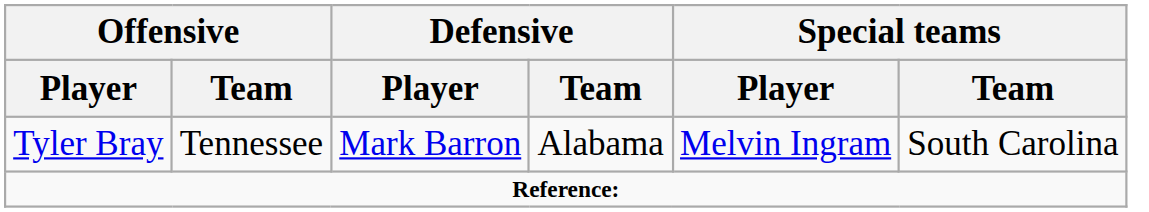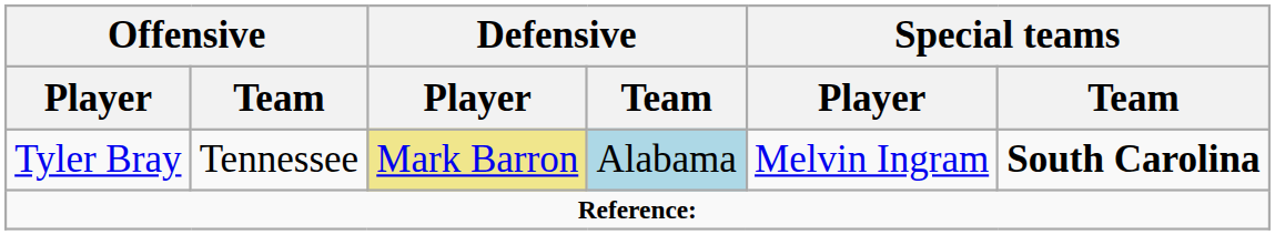 <table class="wikitable" border="1">
 <tr>
 <th colspan="2">Offensive</th>
 <th colspan="2">Defensive</th>
 <th colspan="2">Special teams</th>
 </tr>
 <tr>
 <th>Player</th>
 <th>Team</th>
 <th>Player</th>
 <th>Team</th>
 <th>Player</th>
 <th>Team</th>
 </tr>
 <tr>
 <td><a href='#'>Tyler Bray</a></td>
 <td>Tennessee</td>
-<td><a href='#'>Mark Barron</a></td>
-<td>Alabama</td>
+<td style="background: khaki;"><a href='#'>Mark Barron</a></td>
+<td style="background: lightblue;">Alabama</td>
 <td><a href='#'>Melvin Ingram</a></td>
-<td>South Carolina</td>
+<td><strong>South Carolina</strong></td>
 </tr>
 <tr>
 <td colspan="6" style="font-size: 8pt" align="center"><strong>Reference:</strong></td>
 </tr>
 </table>
